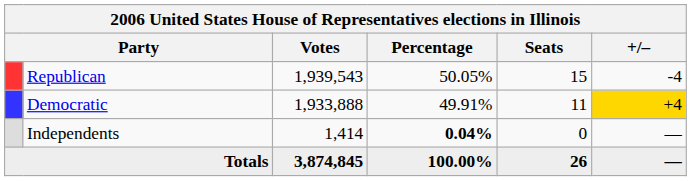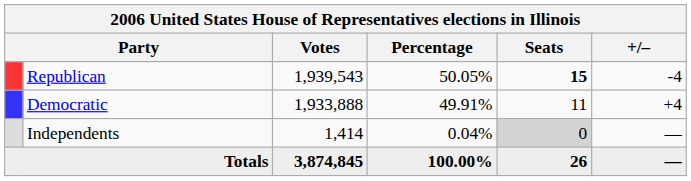 <table class="wikitable" style="font-size: 95%;">
 <tr>
 <th colspan="6">2006 United States House of Representatives elections in Illinois</th>
 </tr>
 <tr>
 <th colspan=2 style="width: 15em">Party</th>
 <th style="width: 5em">Votes</th>
 <th style="width: 7em">Percentage</th>
 <th style="width: 5em">Seats</th>
 <th style="width: 5em">+/–</th>
 </tr>
 <tr>
 <th style="background:#f33; width:3px;"></th>
 <td style="width: 130px"><a href='#'>Republican</a></td>
 <td style="text-align:right;">1,939,543</td>
 <td style="text-align:right;">50.05%</td>
-<td style="text-align:right;">15</td>
+<td style="text-align:right;"><strong>15</strong></td>
 <td style="text-align:right;">-4</td>
 </tr>
 <tr>
 <th style="background:#33f; width:3px;"></th>
 <td style="width: 130px"><a href='#'>Democratic</a></td>
 <td style="text-align:right;">1,933,888</td>
 <td style="text-align:right;">49.91%</td>
 <td style="text-align:right;">11</td>
-<td style="background: gold; text-align:right;">+4</td>
+<td style="text-align:right;">+4</td>
 </tr>
 <tr>
 <th style="background:#ddd; width:3px;"></th>
 <td style="width: 130px">Independents</td>
 <td style="text-align:right;">1,414</td>
-<td style="text-align:right;"><strong>0.04%</strong></td>
-<td style="text-align:right;">0</td>
+<td style="text-align:right;">0.04%</td>
+<td style="background: lightgrey; text-align:right;">0</td>
 <td style="text-align:right;">—</td>
 </tr>
 <tr style="background:#eee; text-align:right;">
 <td colspan="2"><strong>Totals</strong></td>
 <td><strong>3,874,845</strong></td>
 <td><strong>100.00%</strong></td>
 <td><strong>26</strong></td>
 <td><strong>—</strong></td>
 </tr>
 </table>
